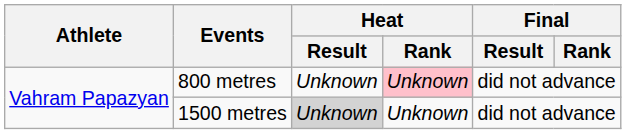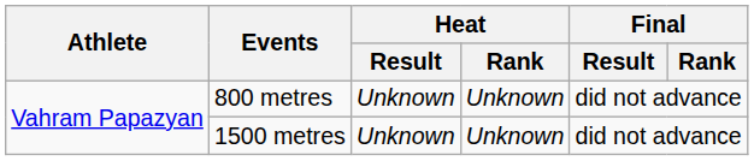 <table class=wikitable style="font-size:90%">
 <tr>
 <th rowspan="2">Athlete</th>
 <th rowspan="2">Events</th>
 <th colspan="2">Heat</th>
 <th colspan="2">Final</th>
 </tr>
 <tr>
 <th>Result</th>
 <th>Rank</th>
 <th>Result</th>
 <th>Rank</th>
 </tr>
 <tr>
 <td rowspan=2><a href='#'>Vahram Papazyan</a></td>
 <td>800 metres</td>
 <td align="center"><em>Unknown</em></td>
-<td align="center" style="background: pink;"><em>Unknown</em></td>
+<td align="center"><em>Unknown</em></td>
 <td align="center" colspan=2>did not advance</td>
 </tr>
 <tr>
 <td>1500 metres</td>
-<td align="center" style="background: lightgrey;"><em>Unknown</em></td>
+<td align="center"><em>Unknown</em></td>
 <td align="center"><em>Unknown</em></td>
 <td align="center" colspan=2>did not advance</td>
 </tr>
 </table>
